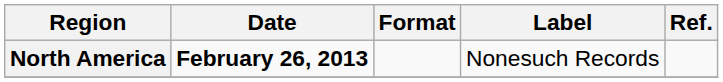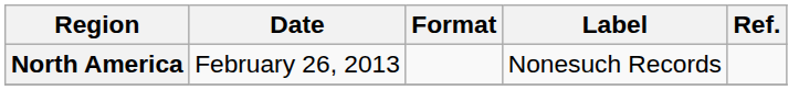 <table class="wikitable plainrowheaders">
 <tr>
 <th scope="col">Region</th>
 <th scope="col">Date</th>
 <th scope="col">Format</th>
 <th scope="col">Label</th>
 <th scope="col">Ref.</th>
 </tr>
 <tr>
 <th scope="row">North America</th>
-<td><strong>February 26, 2013</strong></td>
+<td>February 26, 2013</td>
 <td></td>
 <td>Nonesuch Records</td>
 <td></td>
 </tr>
 <tr>
 </tr>
 </table>
